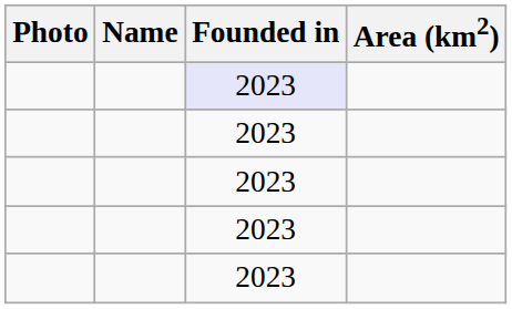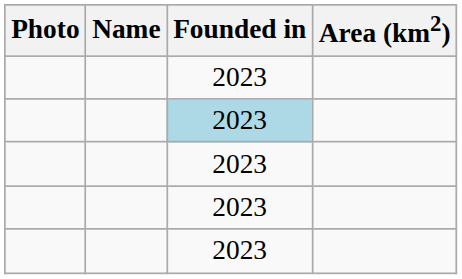 <table class="wikitable sortable">
 <tr>
 <th>Photo</th>
 <th>Name</th>
 <th>Founded in</th>
 <th>Area (km<sup>2</sup>)</th>
 </tr>
 <tr -------------------------->
 <td align="center"></td>
 <td align="left"></td>
-<td align="center" style="background: lavender;">2023</td>
+<td align="center">2023</td>
 </tr>
 <tr>
 <td></td>
 <td></td>
-<td align="center">2023</td>
+<td align="center" style="background: lightblue;">2023</td>
 <td></td>
 </tr>
 <tr>
 <td></td>
 <td></td>
 <td align="center">2023</td>
 <td></td>
 </tr>
 <tr>
 <td></td>
 <td></td>
 <td align="center">2023</td>
 <td></td>
 </tr>
 <tr>
 <td></td>
 <td></td>
 <td align="center">2023</td>
 <td></td>
 </tr>
 </table>
